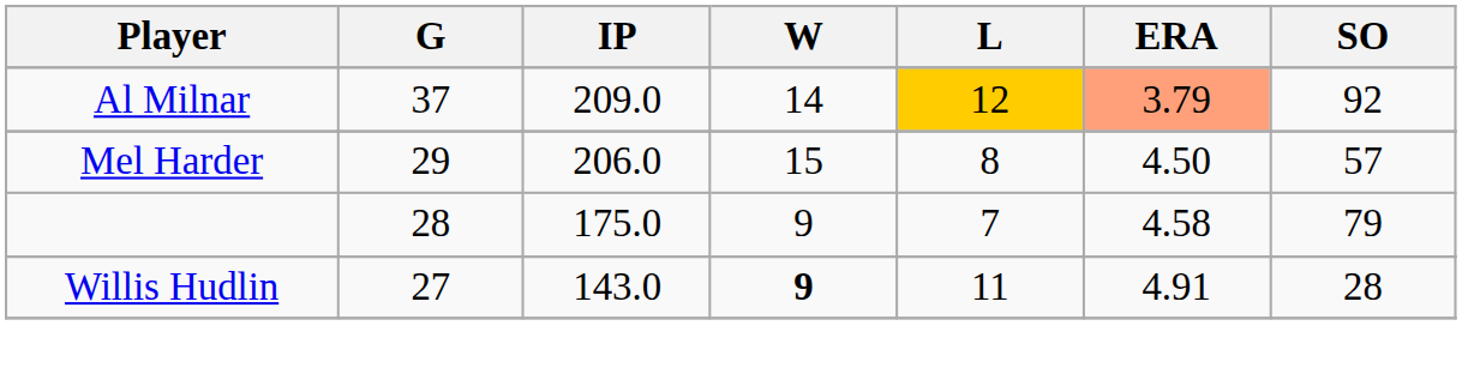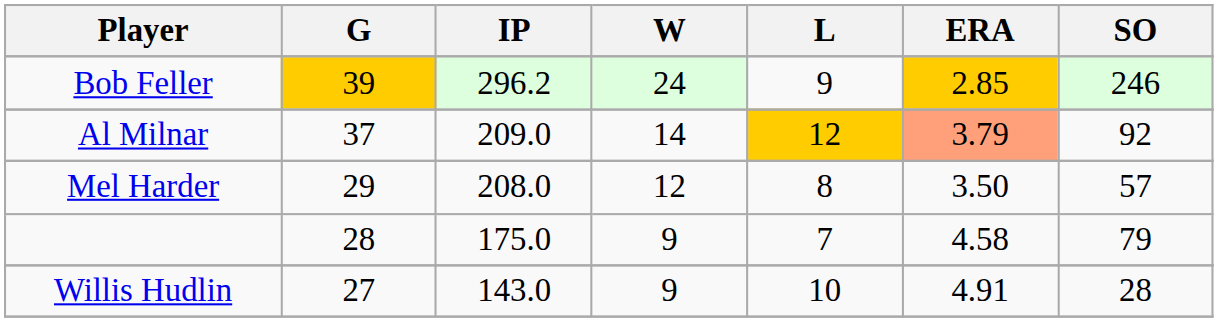 <table class="wikitable sortable">
 <tr>
 <th bgcolor="#DDDDFF" width="16%">Player</th>
 <th bgcolor="#DDDDFF" width="9%">G</th>
 <th bgcolor="#DDDDFF" width="9%">IP</th>
 <th bgcolor="#DDDDFF" width="9%">W</th>
 <th bgcolor="#DDDDFF" width="9%">L</th>
 <th bgcolor="#DDDDFF" width="9%">ERA</th>
 <th bgcolor="#DDDDFF" width="9%">SO</th>
 </tr>
 <tr>
+</tr>
+<tr align="center">
+<td><a href='#'>Bob Feller</a></td>
+<td style="background:#fc0;">39</td>
+<td style="background:#DDFFDD;">296.2</td>
+<td style="background:#DDFFDD;">24</td>
+<td>9</td>
+<td style="background:#fc0;">2.85</td>
+<td style="background:#DDFFDD;">246</td>
 </tr>
 <tr>
 </tr>
 <tr align="center">
 <td><a href='#'>Al Milnar</a></td>
 <td>37</td>
 <td>209.0</td>
 <td>14</td>
 <td style="background:#fc0;">12</td>
 <td style="background: lightsalmon;">3.79</td>
 <td>92</td>
 </tr>
 <tr>
 </tr>
 <tr align="center">
 <td><a href='#'>Mel Harder</a></td>
 <td>29</td>
-<td>206.0</td>
-<td>15</td>
+<td>208.0</td>
+<td>12</td>
 <td>8</td>
-<td>4.50</td>
+<td>3.50</td>
 <td>57</td>
 </tr>
 <tr align="center">
 <td></td>
 <td>28</td>
 <td>175.0</td>
 <td>9</td>
 <td>7</td>
 <td>4.58</td>
 <td>79</td>
 </tr>
 <tr>
 </tr>
 <tr align="center">
 <td><a href='#'>Willis Hudlin</a></td>
 <td>27</td>
 <td>143.0</td>
-<td><strong>9</strong></td>
-<td>11</td>
+<td>9</td>
+<td>10</td>
 <td>4.91</td>
 <td>28</td>
 </tr>
 <tr align="center">
 </tr>
 </table>
